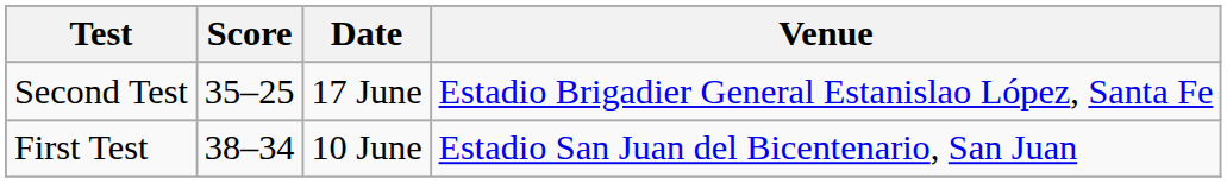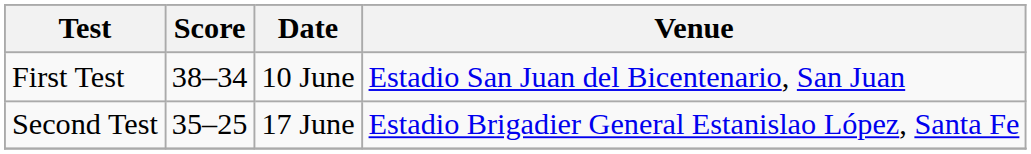 <table class="wikitable">
 <tr>
 <th>Test</th>
 <th>Score</th>
 <th>Date</th>
 <th>Venue</th>
 </tr>
 <tr>
+<td>First Test</td>
+<td align=center>38–34</td>
+<td>10 June</td>
+<td><a href='#'>Estadio San Juan del Bicentenario</a>, <a href='#'>San Juan</a></td>
+</tr>
+<tr>
 <td>Second Test</td>
 <td align=center>35–25</td>
 <td>17 June</td>
 <td><a href='#'>Estadio Brigadier General Estanislao López</a>, <a href='#'>Santa Fe</a></td>
 </tr>
 <tr>
-<td>First Test</td>
-<td align=center>38–34</td>
-<td>10 June</td>
-<td><a href='#'>Estadio San Juan del Bicentenario</a>, <a href='#'>San Juan</a></td>
-</tr>
-<tr>
 </tr>
 </table>
